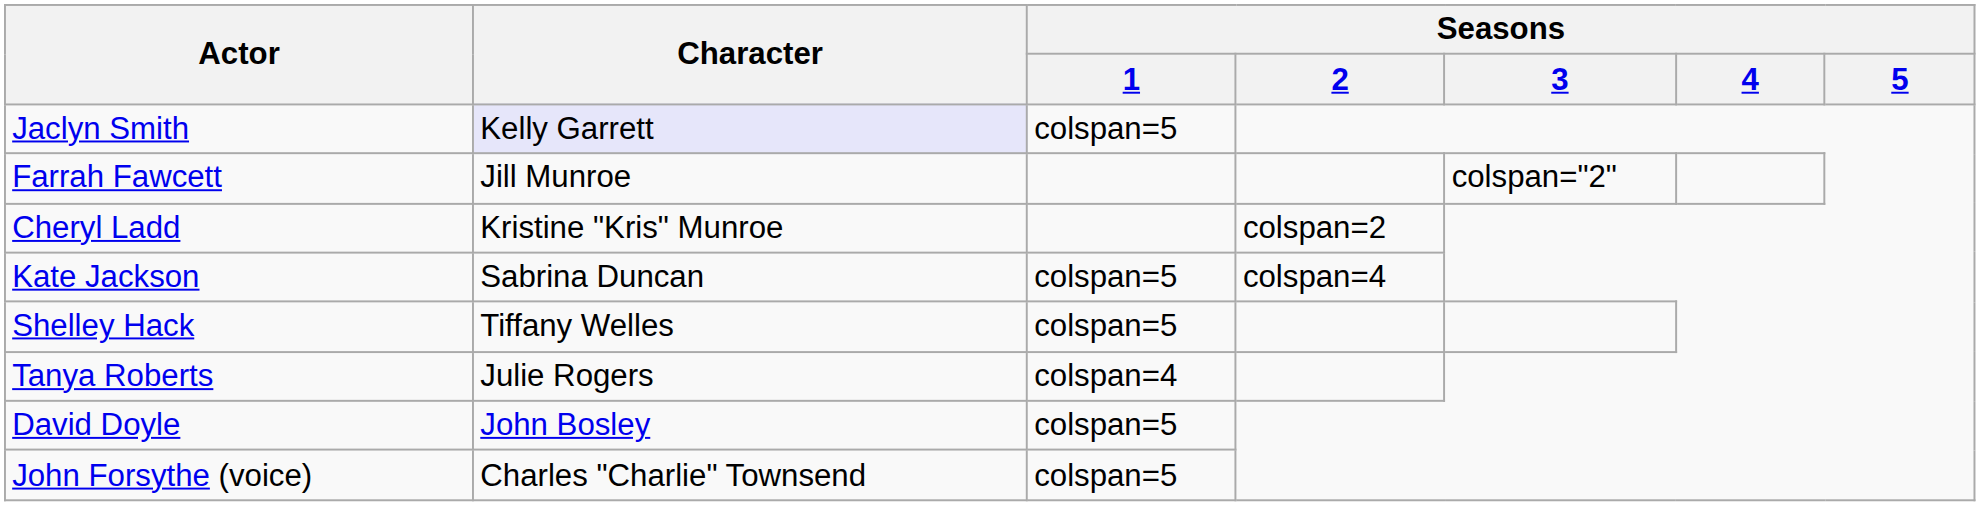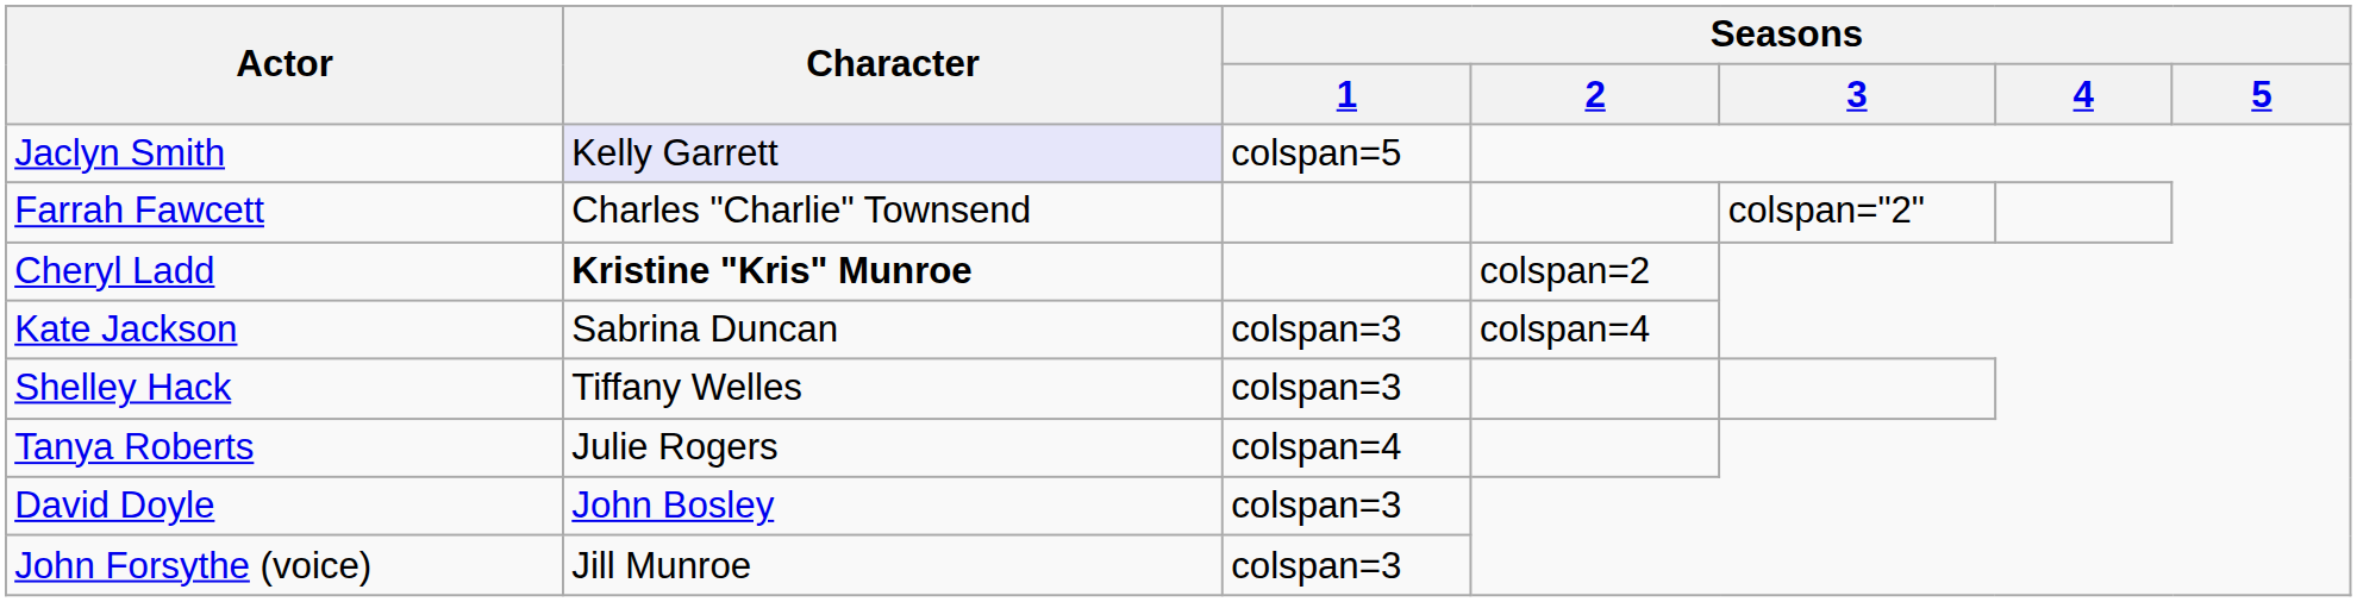 <table class="wikitable plainrowheaders" style="width:80%;">
 <tr>
 <th rowspan="2" style="width:15%;">Actor</th>
 <th rowspan="2" style="width:15%;">Character</th>
 <th colspan="13">Seasons</th>
 </tr>
 <tr>
 <th style="width:5%;"><a href='#'>1</a><br></th>
 <th style="width:5%;"><a href='#'>2</a><br></th>
 <th style="width:5%;"><a href='#'>3</a><br></th>
 <th style="width:5%;"><a href='#'>4</a><br></th>
 <th style="width:5%;"><a href='#'>5</a><br></th>
 </tr>
 <tr>
 <td><a href='#'>Jaclyn Smith</a></td>
 <td style="background: lavender;">Kelly Garrett</td>
 <td>colspan=5 </td>
 </tr>
 <tr>
 <td nowrap><a href='#'>Farrah Fawcett</a></td>
-<td nowrap>Jill Munroe</td>
+<td nowrap>Charles "Charlie" Townsend</td>
 <td></td>
 <td></td>
 <td>colspan="2" </td>
 <td></td>
 </tr>
 <tr>
 <td><a href='#'>Cheryl Ladd</a></td>
-<td>Kristine "Kris" Munroe</td>
+<td><strong>Kristine "Kris" Munroe</strong></td>
 <td></td>
 <td>colspan=2 </td>
 </tr>
 <tr>
 <td><a href='#'>Kate Jackson</a></td>
 <td>Sabrina Duncan</td>
-<td>colspan=5 </td>
+<td>colspan=3 </td>
 <td>colspan=4 </td>
 </tr>
 <tr>
 <td><a href='#'>Shelley Hack</a></td>
 <td>Tiffany Welles</td>
-<td>colspan=5 </td>
+<td>colspan=3 </td>
 <td></td>
 <td></td>
 </tr>
 <tr>
 <td><a href='#'>Tanya Roberts</a></td>
 <td>Julie Rogers</td>
 <td>colspan=4 </td>
 <td></td>
 </tr>
 <tr>
 <td><a href='#'>David Doyle</a></td>
 <td><a href='#'>John Bosley</a></td>
-<td>colspan=5 </td>
+<td>colspan=3 </td>
 </tr>
 <tr>
 <td nowrap><a href='#'>John Forsythe</a> (voice)</td>
-<td nowrap>Charles "Charlie" Townsend</td>
-<td>colspan=5 </td>
+<td nowrap>Jill Munroe</td>
+<td>colspan=3 </td>
 </tr>
 </table>
